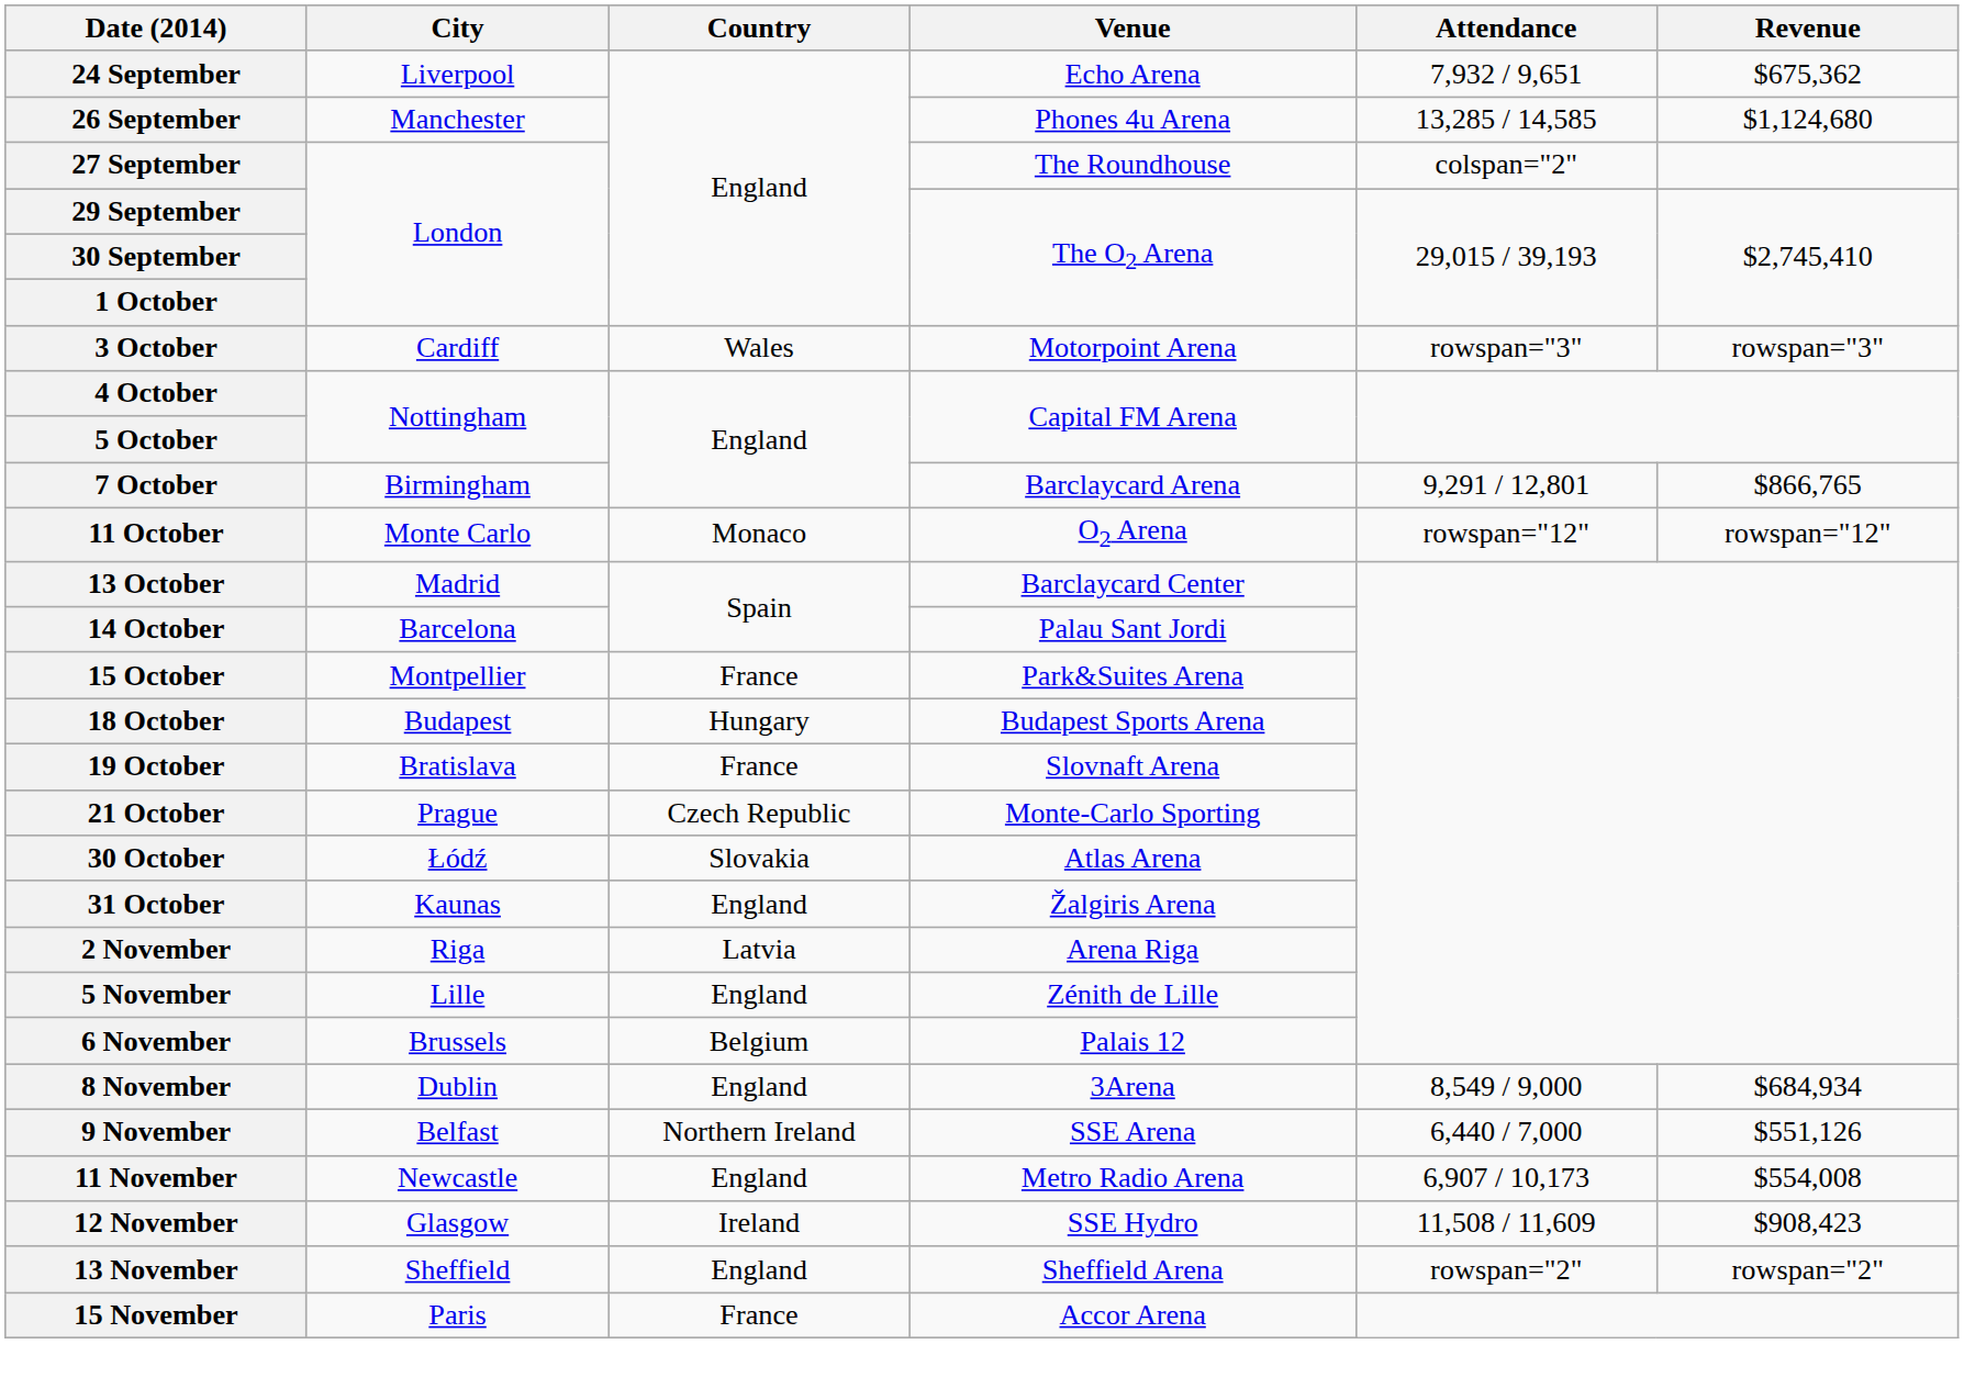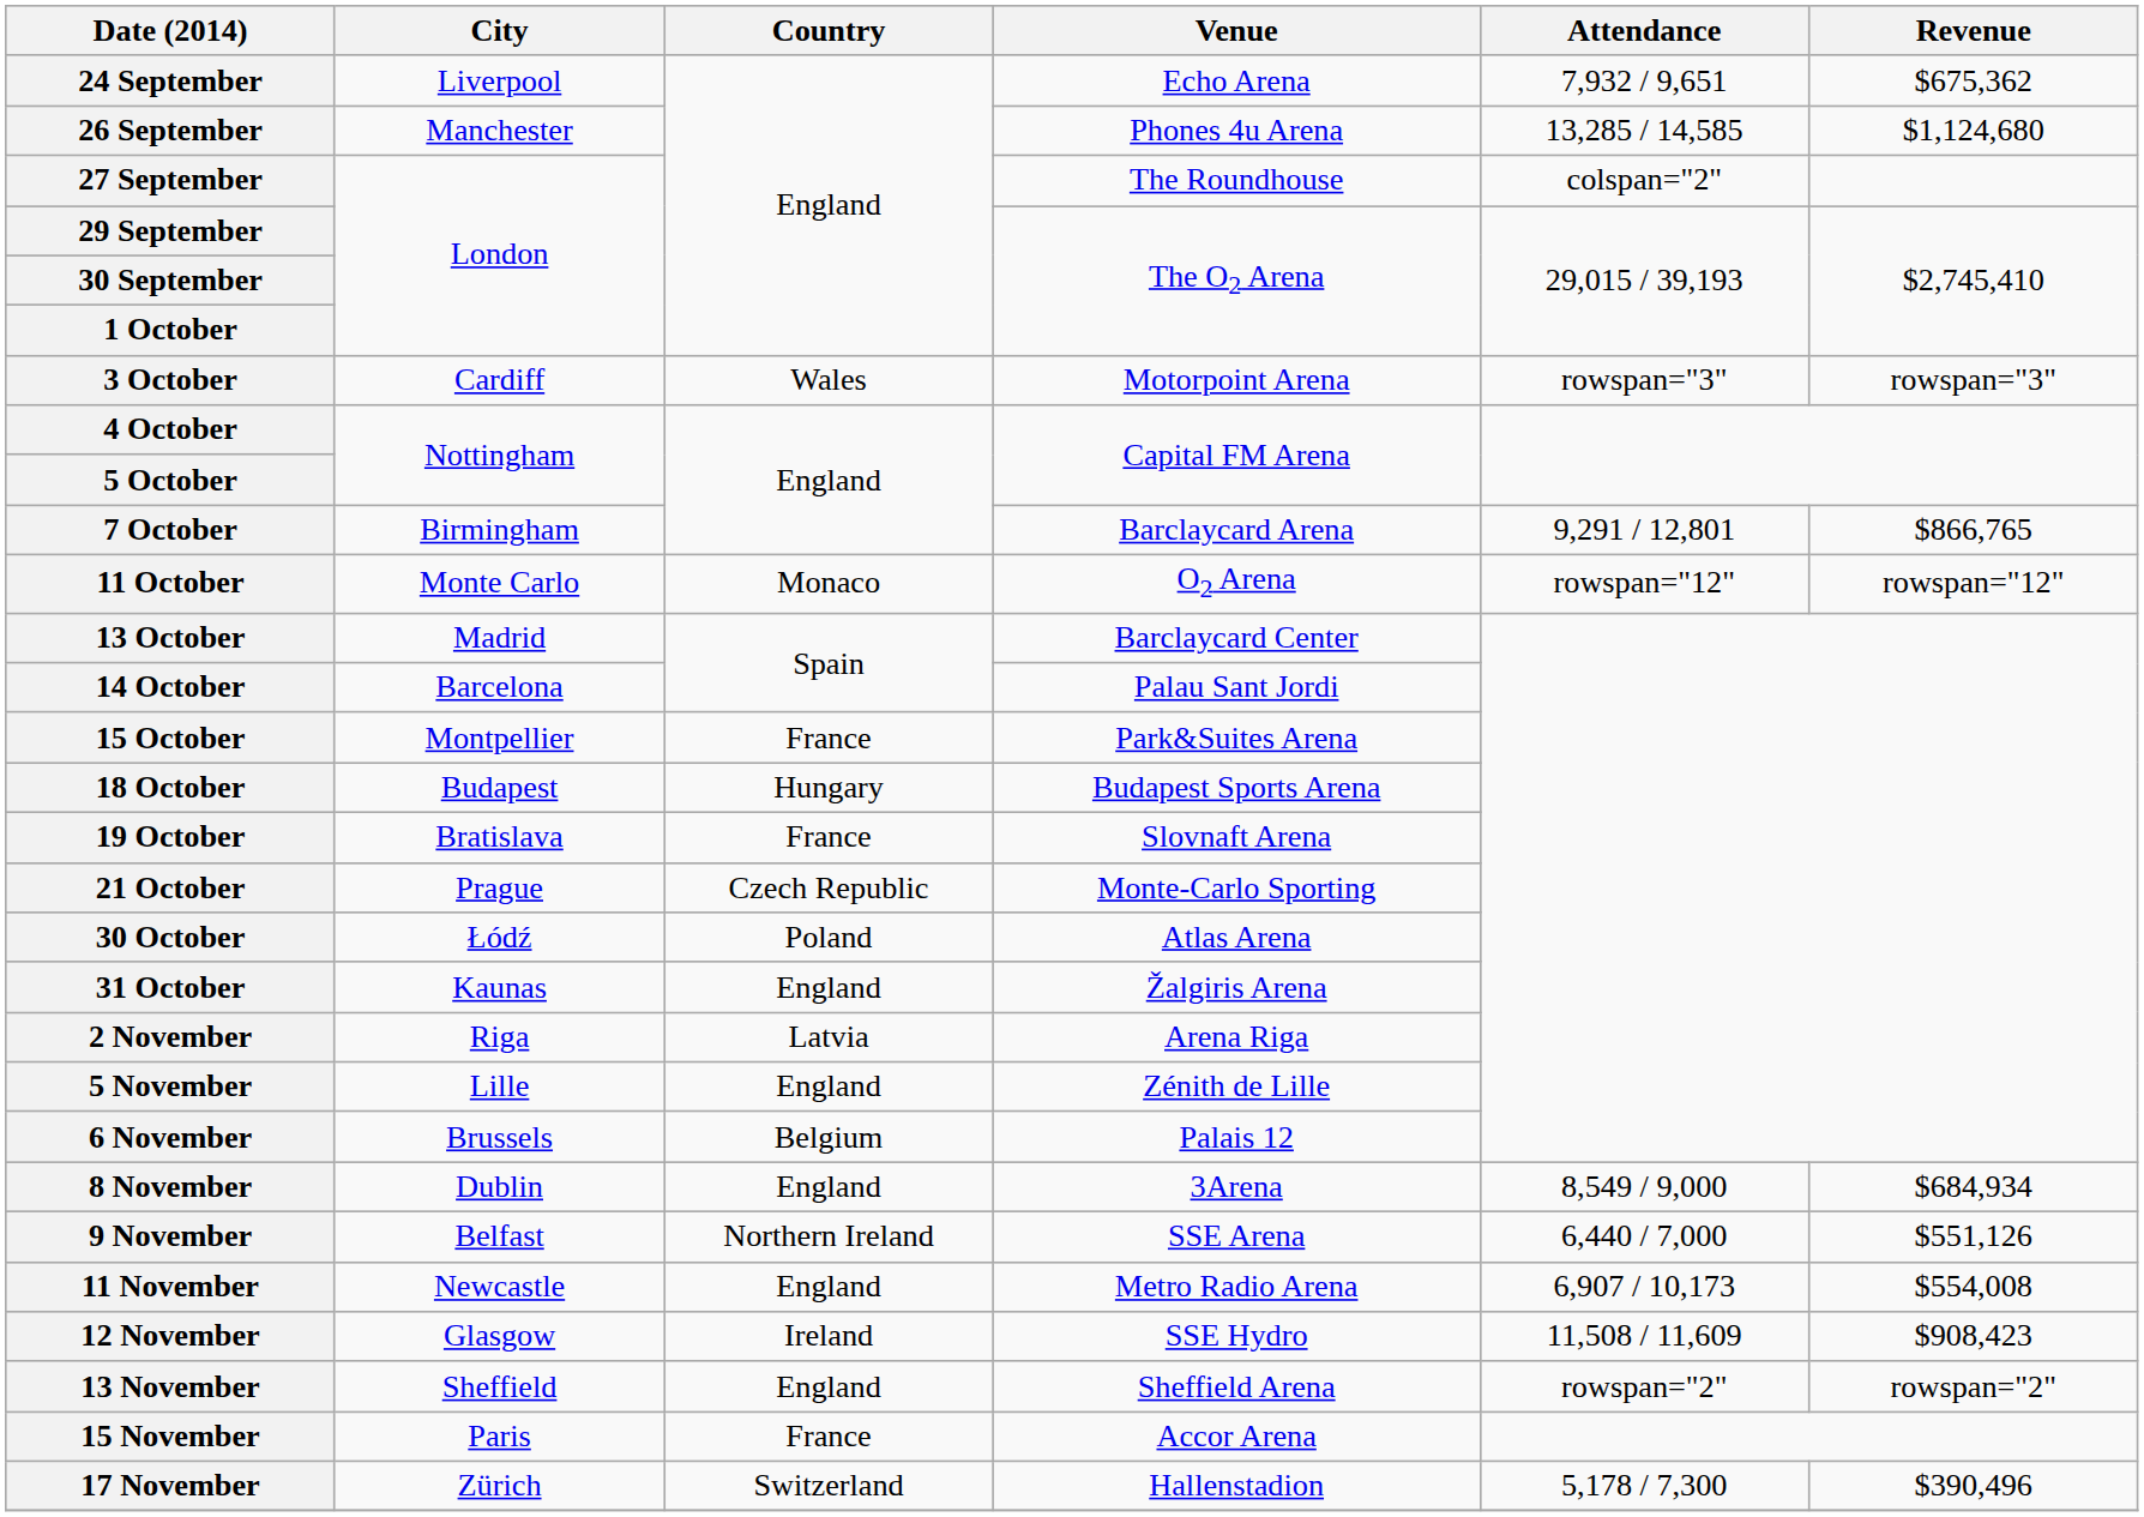 <table class="wikitable plainrowheaders" style="text-align:center;">
 <tr>
 <th scope="col" style="width:10em;">Date (2014)</th>
 <th scope="col" style="width:10em;">City</th>
 <th scope="col" style="width:10em;">Country</th>
 <th scope="col" style="width:15em;">Venue</th>
 <th scope="col" style="width:10em;">Attendance</th>
 <th scope="col" style="width:10em;">Revenue</th>
 </tr>
 <tr>
 <th scope="row" style="text-align:center;">24 September</th>
 <td><a href='#'>Liverpool</a></td>
 <td rowspan="6">England</td>
 <td><a href='#'>Echo Arena</a></td>
 <td>7,932 / 9,651</td>
 <td>$675,362</td>
 </tr>
 <tr>
 <th scope="row" style="text-align:center;">26 September</th>
 <td><a href='#'>Manchester</a></td>
 <td><a href='#'>Phones 4u Arena</a></td>
 <td>13,285 / 14,585</td>
 <td>$1,124,680</td>
 </tr>
 <tr>
 <th scope="row" style="text-align:center;">27 September </th>
 <td rowspan="4"><a href='#'>London</a></td>
 <td><a href='#'>The Roundhouse</a></td>
 <td>colspan="2" </td>
 </tr>
 <tr>
 <th scope="row" style="text-align:center;">29 September</th>
 <td rowspan="3"><a href='#'>The O<sub>2</sub> Arena</a></td>
 <td rowspan="3">29,015 / 39,193</td>
 <td rowspan="3">$2,745,410</td>
 </tr>
 <tr>
 <th scope="row" style="text-align:center;">30 September</th>
 </tr>
 <tr>
 <th scope="row" style="text-align:center;">1 October</th>
 </tr>
 <tr>
 <th scope="row" style="text-align:center;">3 October</th>
 <td><a href='#'>Cardiff</a></td>
 <td>Wales</td>
 <td><a href='#'>Motorpoint Arena</a></td>
 <td>rowspan="3" </td>
 <td>rowspan="3" </td>
 </tr>
 <tr>
 <th scope="row" style="text-align:center;">4 October</th>
 <td rowspan="2"><a href='#'>Nottingham</a></td>
 <td rowspan="3">England</td>
 <td rowspan="2"><a href='#'>Capital FM Arena</a></td>
 </tr>
 <tr>
 <th scope="row" style="text-align:center;">5 October</th>
 </tr>
 <tr>
 <th scope="row" style="text-align:center;">7 October</th>
 <td><a href='#'>Birmingham</a></td>
 <td><a href='#'>Barclaycard Arena</a></td>
 <td>9,291 / 12,801</td>
 <td>$866,765</td>
 </tr>
 <tr>
 <th scope="row" style="text-align:center;">11 October</th>
 <td><a href='#'>Monte Carlo</a></td>
 <td>Monaco</td>
 <td><a href='#'>O<sub>2</sub> Arena</a></td>
 <td>rowspan="12" </td>
 <td>rowspan="12" </td>
 </tr>
 <tr>
 <th scope="row" style="text-align:center;">13 October</th>
 <td><a href='#'>Madrid</a></td>
 <td rowspan="2">Spain</td>
 <td><a href='#'>Barclaycard Center</a></td>
 </tr>
 <tr>
 <th scope="row" style="text-align:center;">14 October</th>
 <td><a href='#'>Barcelona</a></td>
 <td><a href='#'>Palau Sant Jordi</a></td>
 </tr>
 <tr>
 <th scope="row" style="text-align:center;">15 October</th>
 <td><a href='#'>Montpellier</a></td>
 <td>France</td>
 <td><a href='#'>Park&Suites Arena</a></td>
 </tr>
 <tr>
 <th scope="row" style="text-align:center;">18 October</th>
 <td><a href='#'>Budapest</a></td>
 <td>Hungary</td>
 <td><a href='#'>Budapest Sports Arena</a></td>
 </tr>
 <tr>
 <th scope="row" style="text-align:center;">19 October</th>
 <td><a href='#'>Bratislava</a></td>
 <td>France</td>
 <td><a href='#'>Slovnaft Arena</a></td>
 </tr>
 <tr>
 <th scope="row" style="text-align:center;">21 October</th>
 <td><a href='#'>Prague</a></td>
 <td>Czech Republic</td>
 <td><a href='#'>Monte-Carlo Sporting</a></td>
 </tr>
 <tr>
 <th scope="row" style="text-align:center;">30 October</th>
 <td><a href='#'>Łódź</a></td>
-<td>Slovakia</td>
+<td>Poland</td>
 <td><a href='#'>Atlas Arena</a></td>
 </tr>
 <tr>
 <th scope="row" style="text-align:center;">31 October</th>
 <td><a href='#'>Kaunas</a></td>
 <td>England</td>
 <td><a href='#'>Žalgiris Arena</a></td>
 </tr>
 <tr>
 <th scope="row" style="text-align:center;">2 November</th>
 <td><a href='#'>Riga</a></td>
 <td>Latvia</td>
 <td><a href='#'>Arena Riga</a></td>
 </tr>
 <tr>
 <th scope="row" style="text-align:center;">5 November</th>
 <td><a href='#'>Lille</a></td>
 <td>England</td>
 <td><a href='#'>Zénith de Lille</a></td>
 </tr>
 <tr>
 <th scope="row" style="text-align:center;">6 November</th>
 <td><a href='#'>Brussels</a></td>
 <td>Belgium</td>
 <td><a href='#'>Palais 12</a></td>
 </tr>
 <tr>
 <th scope="row" style="text-align:center;">8 November</th>
 <td><a href='#'>Dublin</a></td>
 <td>England</td>
 <td><a href='#'>3Arena</a></td>
 <td>8,549 / 9,000</td>
 <td>$684,934</td>
 </tr>
 <tr>
 <th scope="row" style="text-align:center;">9 November</th>
 <td><a href='#'>Belfast</a></td>
 <td>Northern Ireland</td>
 <td><a href='#'>SSE Arena</a></td>
 <td>6,440 / 7,000</td>
 <td>$551,126</td>
 </tr>
 <tr>
 <th scope="row" style="text-align:center;">11 November</th>
 <td><a href='#'>Newcastle</a></td>
 <td>England</td>
 <td><a href='#'>Metro Radio Arena</a></td>
 <td>6,907 / 10,173</td>
 <td>$554,008</td>
 </tr>
 <tr>
 <th scope="row" style="text-align:center;">12 November</th>
 <td><a href='#'>Glasgow</a></td>
 <td>Ireland</td>
 <td><a href='#'>SSE Hydro</a></td>
 <td>11,508 / 11,609</td>
 <td>$908,423</td>
 </tr>
 <tr>
 <th scope="row" style="text-align:center;">13 November</th>
 <td><a href='#'>Sheffield</a></td>
 <td>England</td>
 <td><a href='#'>Sheffield Arena</a></td>
 <td>rowspan="2" </td>
 <td>rowspan="2" </td>
 </tr>
 <tr>
 <th scope="row" style="text-align:center;">15 November</th>
 <td><a href='#'>Paris</a></td>
 <td>France</td>
 <td><a href='#'>Accor Arena</a></td>
 </tr>
 <tr>
+<th scope="row" style="text-align:center;">17 November</th>
+<td><a href='#'>Zürich</a></td>
+<td>Switzerland</td>
+<td><a href='#'>Hallenstadion</a></td>
+<td>5,178 / 7,300</td>
+<td>$390,496</td>
+</tr>
+<tr>
 </tr>
 </table>
